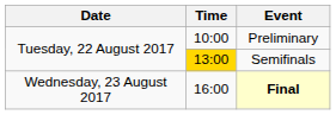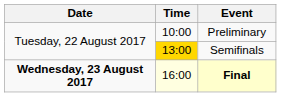 <table class="wikitable" style="text-align:center;">
 <tr>
 <th width="200">Date</th>
 <th width="50">Time</th>
 <th width="100">Event</th>
 </tr>
 <tr>
 <td rowspan="2">Tuesday, 22 August 2017</td>
 <td>10:00</td>
 <td>Preliminary</td>
 </tr>
 <tr>
 <td style="background: gold;">13:00</td>
 <td>Semifinals</td>
 </tr>
 <tr>
-<td>Wednesday, 23 August 2017</td>
-<td>16:00</td>
+<td><strong>Wednesday, 23 August 2017</strong></td>
+<td style="background: lightyellow;">16:00</td>
 <td bgcolor="ffffcc"><strong>Final</strong></td>
 </tr>
 </table>
